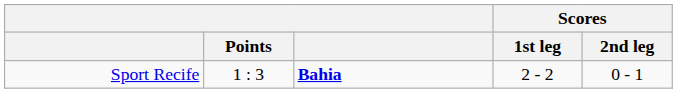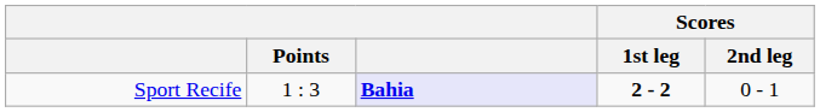 <table class="wikitable" style="text-align:center;">
 <tr>
 <th colspan=3></th>
 <th colspan=3>Scores</th>
 </tr>
 <tr>
 <th width="175"></th>
 <th width="75">Points</th>
 <th width="175"></th>
 <th width="75">1st leg</th>
 <th width="75">2nd leg</th>
 </tr>
 <tr>
 <td align=right><a href='#'>Sport Recife</a></td>
 <td>1 : 3</td>
-<td align=left><strong><a href='#'>Bahia</a></strong></td>
-<td>2 - 2</td>
+<td align=left style="background: lavender;"><strong><a href='#'>Bahia</a></strong></td>
+<td><strong>2 - 2</strong></td>
 <td>0 - 1</td>
 </tr>
 </table>
